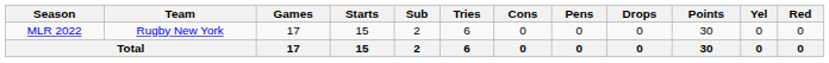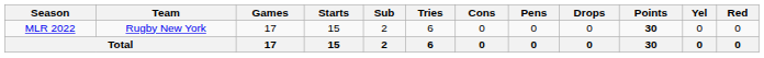 <table class="wikitable" style="text-align:center; line-height:100%; font-size:100%; width:70%;">
 <tr>
 <th>Season</th>
 <th>Team</th>
 <th>Games</th>
 <th>Starts</th>
 <th>Sub</th>
 <th>Tries</th>
 <th>Cons</th>
 <th>Pens</th>
 <th>Drops</th>
 <th>Points</th>
 <th>Yel</th>
 <th>Red</th>
 </tr>
 <tr>
 <td><a href='#'>MLR 2022</a></td>
 <td><a href='#'>Rugby New York</a></td>
 <td>17</td>
 <td>15</td>
 <td>2</td>
 <td>6</td>
 <td>0</td>
 <td>0</td>
 <td>0</td>
-<td>30</td>
+<td><strong>30</strong></td>
 <td>0</td>
 <td>0</td>
 </tr>
 <tr>
 <th colspan="2">Total</th>
 <th>17</th>
 <th>15</th>
 <th>2</th>
 <th>6</th>
 <th>0</th>
 <th>0</th>
 <th>0</th>
 <th>30</th>
 <th>0</th>
 <th>0</th>
 </tr>
 </table>
